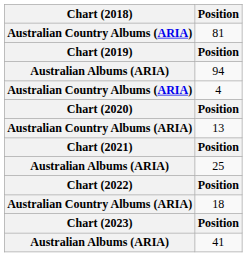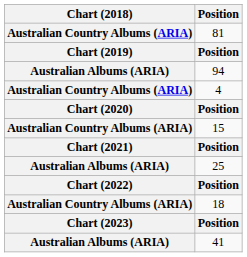 <table class="wikitable plainrowheaders" style="text-align:center">
 <tr>
 <th scope="col">Chart (2018)</th>
 <th scope="col">Position</th>
 </tr>
 <tr>
 <th scope="row">Australian Country Albums (<a href='#'>ARIA</a>)</th>
 <td>81</td>
 </tr>
 <tr>
 <th scope="col">Chart (2019)</th>
 <th scope="col">Position</th>
 </tr>
 <tr>
 <th scope="row">Australian Albums (ARIA)</th>
 <td>94</td>
 </tr>
 <tr>
 <th scope="row">Australian Country Albums (<a href='#'>ARIA</a>)</th>
 <td>4</td>
 </tr>
 <tr>
 <th scope="col">Chart (2020)</th>
 <th scope="col">Position</th>
 </tr>
 <tr>
 <th scope="row">Australian Country Albums (ARIA)</th>
-<td>13</td>
+<td>15</td>
 </tr>
 <tr>
 <th scope="col">Chart (2021)</th>
 <th scope="col">Position</th>
 </tr>
 <tr>
 <th scope="row">Australian Albums (ARIA)</th>
 <td>25</td>
 </tr>
 <tr>
 <th scope="col">Chart (2022)</th>
 <th scope="col">Position</th>
 </tr>
 <tr>
 <th scope="row">Australian Country Albums (ARIA)</th>
 <td>18</td>
 </tr>
 <tr>
 <th scope="col">Chart (2023)</th>
 <th scope="col">Position</th>
 </tr>
 <tr>
 <th scope="row">Australian Albums (ARIA)</th>
 <td>41</td>
 </tr>
 </table>
